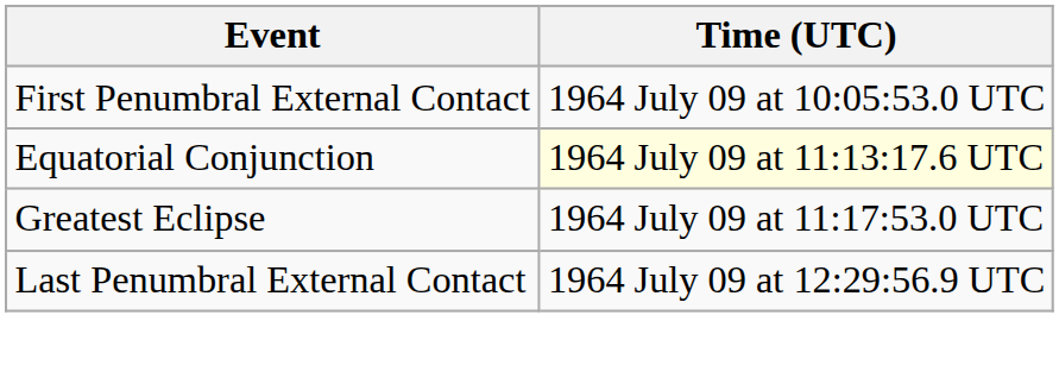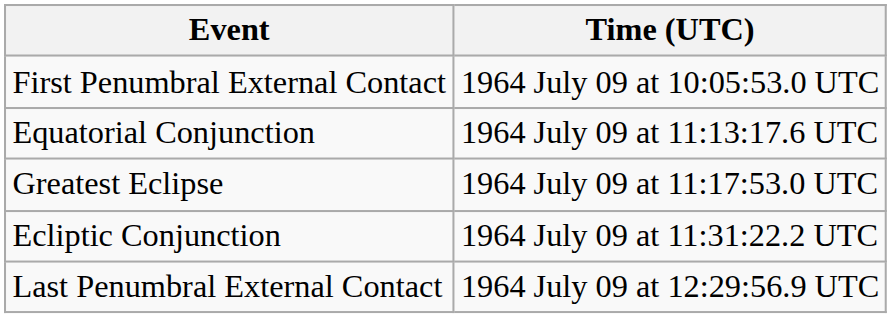 <table class="wikitable">
 <tr>
 <th>Event</th>
 <th>Time (UTC)</th>
 </tr>
 <tr>
 <td>First Penumbral External Contact</td>
 <td>1964 July 09 at 10:05:53.0 UTC</td>
 </tr>
 <tr>
 <td>Equatorial Conjunction</td>
-<td style="background: lightyellow;">1964 July 09 at 11:13:17.6 UTC</td>
+<td>1964 July 09 at 11:13:17.6 UTC</td>
 </tr>
 <tr>
 <td>Greatest Eclipse</td>
 <td>1964 July 09 at 11:17:53.0 UTC</td>
 </tr>
 <tr>
+<td>Ecliptic Conjunction</td>
+<td>1964 July 09 at 11:31:22.2 UTC</td>
+</tr>
+<tr>
 <td>Last Penumbral External Contact</td>
 <td>1964 July 09 at 12:29:56.9 UTC</td>
 </tr>
 </table>
